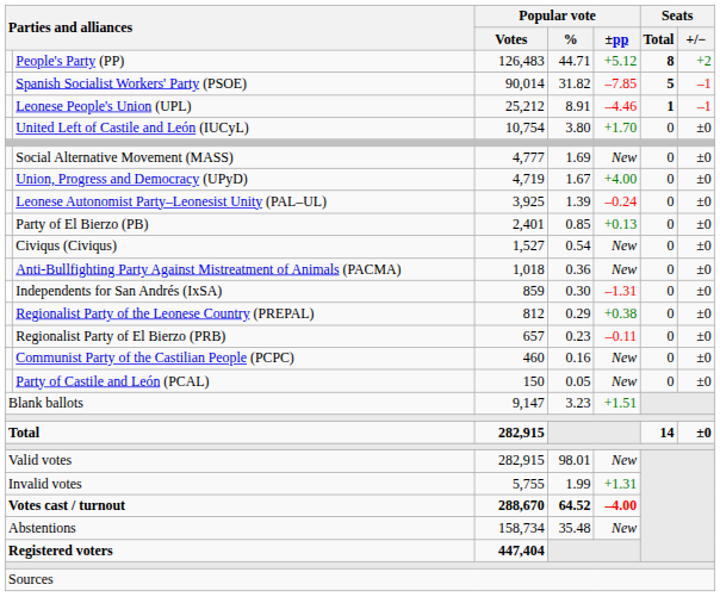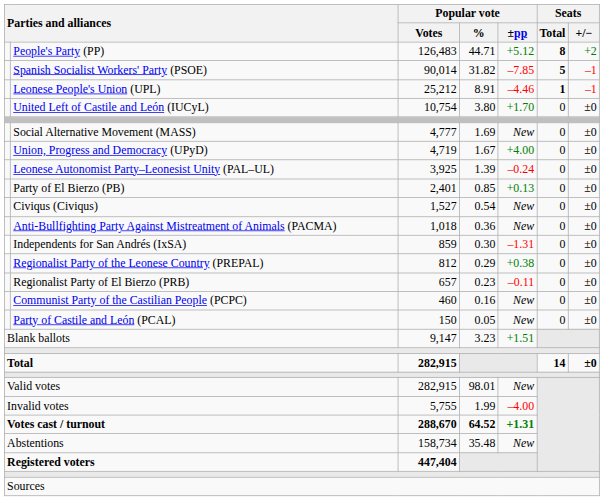 <table class="wikitable" style="text-align:right;">
 <tr>
 <th style="text-align:left;" rowspan="2" colspan="2" width="525">Parties and alliances</th>
 <th colspan="3">Popular vote</th>
 <th colspan="2">Seats</th>
 </tr>
 <tr>
 <th width="75">Votes</th>
 <th width="45">%</th>
 <th width="45">±<a href='#'>pp</a></th>
 <th width="35">Total</th>
 <th width="35">+/−</th>
 </tr>
 <tr>
 <td width="1" style="color:inherit;background:"></td>
 <td align="left"><a href='#'>People's Party</a> (PP)</td>
 <td>126,483</td>
 <td>44.71</td>
 <td style="color:green;">+5.12</td>
 <td><strong>8</strong></td>
 <td style="color:green;">+2</td>
 </tr>
 <tr>
 <td style="color:inherit;background:"></td>
 <td align="left"><a href='#'>Spanish Socialist Workers' Party</a> (PSOE)</td>
 <td>90,014</td>
 <td>31.82</td>
 <td style="color:red;">–7.85</td>
 <td><strong>5</strong></td>
 <td style="color:red;">–1</td>
 </tr>
 <tr>
 <td style="color:inherit;background:"></td>
 <td align="left"><a href='#'>Leonese People's Union</a> (UPL)</td>
 <td>25,212</td>
 <td>8.91</td>
 <td style="color:red;">–4.46</td>
 <td><strong>1</strong></td>
 <td style="color:red;">–1</td>
 </tr>
 <tr>
 <td style="color:inherit;background:"></td>
 <td align="left"><a href='#'>United Left of Castile and León</a> (IUCyL)</td>
 <td>10,754</td>
 <td>3.80</td>
 <td style="color:green;">+1.70</td>
 <td>0</td>
 <td>±0</td>
 </tr>
 <tr>
 <td colspan="7" bgcolor="#C0C0C0"></td>
 </tr>
 <tr>
 <td style="color:inherit;background:"></td>
 <td align="left">Social Alternative Movement (MASS)</td>
 <td>4,777</td>
 <td>1.69</td>
 <td><em>New</em></td>
 <td>0</td>
 <td>±0</td>
 </tr>
 <tr>
 <td style="color:inherit;background:"></td>
 <td align="left"><a href='#'>Union, Progress and Democracy</a> (UPyD)</td>
 <td>4,719</td>
 <td>1.67</td>
 <td style="color:green;">+4.00</td>
 <td>0</td>
 <td>±0</td>
 </tr>
 <tr>
 <td style="color:inherit;background:"></td>
 <td align="left"><a href='#'>Leonese Autonomist Party–Leonesist Unity</a> (PAL–UL)</td>
 <td>3,925</td>
 <td>1.39</td>
 <td style="color:red;">–0.24</td>
 <td>0</td>
 <td>±0</td>
 </tr>
 <tr>
 <td style="color:inherit;background:"></td>
 <td align="left">Party of El Bierzo (PB)</td>
 <td>2,401</td>
 <td>0.85</td>
 <td style="color:green;">+0.13</td>
 <td>0</td>
 <td>±0</td>
 </tr>
 <tr>
 <td style="color:inherit;background:"></td>
 <td align="left">Civiqus (Civiqus)</td>
 <td>1,527</td>
 <td>0.54</td>
 <td><em>New</em></td>
 <td>0</td>
 <td>±0</td>
 </tr>
 <tr>
 <td style="color:inherit;background:"></td>
 <td align="left"><a href='#'>Anti-Bullfighting Party Against Mistreatment of Animals</a> (PACMA)</td>
 <td>1,018</td>
 <td>0.36</td>
 <td><em>New</em></td>
 <td>0</td>
 <td>±0</td>
 </tr>
 <tr>
 <td bgcolor="white"></td>
 <td align="left">Independents for San Andrés (IxSA)</td>
 <td>859</td>
 <td>0.30</td>
 <td style="color:red;">–1.31</td>
 <td>0</td>
 <td>±0</td>
 </tr>
 <tr>
 <td style="color:inherit;background:"></td>
 <td align="left"><a href='#'>Regionalist Party of the Leonese Country</a> (PREPAL)</td>
 <td>812</td>
 <td>0.29</td>
 <td style="color:green;">+0.38</td>
 <td>0</td>
 <td>±0</td>
 </tr>
 <tr>
 <td style="color:inherit;background:"></td>
 <td align="left">Regionalist Party of El Bierzo (PRB)</td>
 <td>657</td>
 <td>0.23</td>
 <td style="color:red;">–0.11</td>
 <td>0</td>
 <td>±0</td>
 </tr>
 <tr>
 <td style="color:inherit;background:"></td>
 <td align="left"><a href='#'>Communist Party of the Castilian People</a> (PCPC)</td>
 <td>460</td>
 <td>0.16</td>
 <td><em>New</em></td>
 <td>0</td>
 <td>±0</td>
 </tr>
 <tr>
 <td style="color:inherit;background:"></td>
 <td align="left"><a href='#'>Party of Castile and León</a> (PCAL)</td>
 <td>150</td>
 <td>0.05</td>
 <td><em>New</em></td>
 <td>0</td>
 <td>±0</td>
 </tr>
 <tr>
 <td align="left" colspan="2">Blank ballots</td>
 <td>9,147</td>
 <td>3.23</td>
 <td style="color:green;">+1.51</td>
 <td bgcolor="#E9E9E9" colspan="2"></td>
 </tr>
 <tr>
 <td colspan="7" bgcolor="#E9E9E9"></td>
 </tr>
 <tr style="font-weight:bold;">
 <td align="left" colspan="2">Total</td>
 <td>282,915</td>
 <td bgcolor="#E9E9E9" colspan="2"></td>
 <td>14</td>
 <td>±0</td>
 </tr>
 <tr>
 <td colspan="7" bgcolor="#E9E9E9"></td>
 </tr>
 <tr>
 <td align="left" colspan="2">Valid votes</td>
 <td>282,915</td>
 <td>98.01</td>
 <td><em>New</em></td>
 <td bgcolor="#E9E9E9" colspan="2" rowspan="5"></td>
 </tr>
 <tr>
 <td align="left" colspan="2">Invalid votes</td>
 <td>5,755</td>
 <td>1.99</td>
-<td style="color:green;">+1.31</td>
+<td style="color:red;">–4.00</td>
 </tr>
 <tr style="font-weight:bold;">
 <td align="left" colspan="2">Votes cast / turnout</td>
 <td>288,670</td>
 <td>64.52</td>
-<td style="color:red;">–4.00</td>
+<td style="color:green;">+1.31</td>
 </tr>
 <tr>
 <td align="left" colspan="2">Abstentions</td>
 <td>158,734</td>
 <td>35.48</td>
 <td><em>New</em></td>
 </tr>
 <tr style="font-weight:bold;">
 <td align="left" colspan="2">Registered voters</td>
 <td>447,404</td>
 <td bgcolor="#E9E9E9" colspan="2"></td>
 </tr>
 <tr>
 <td colspan="7" bgcolor="#E9E9E9"></td>
 </tr>
 <tr>
 <td align="left" colspan="7">Sources</td>
 </tr>
 </table>
